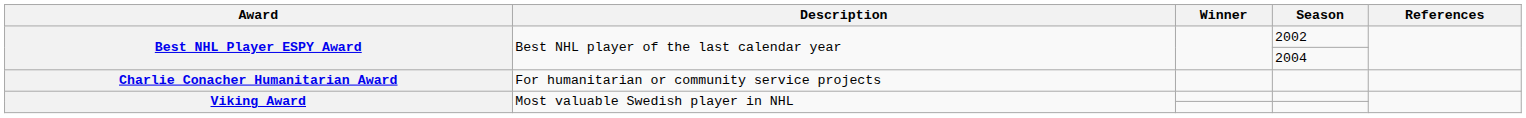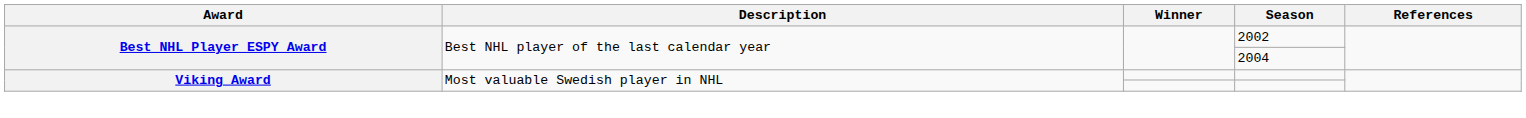 <table class="wikitable sortable" width="75%">
 <tr>
 <th scope="col">Award</th>
 <th scope="col" class="unsortable">Description</th>
 <th scope="col">Winner</th>
 <th scope="col">Season</th>
 <th scope="col" class="unsortable">References</th>
 </tr>
 <tr>
 <th scope="row" rowspan="2"><a href='#'>Best NHL Player ESPY Award</a></th>
 <td rowspan="2">Best NHL player of the last calendar year</td>
 <td rowspan="2"></td>
 <td>2002</td>
 <td rowspan="2"></td>
 </tr>
 <tr>
 <td>2004</td>
 </tr>
 <tr>
-<th scope="row"><a href='#'>Charlie Conacher Humanitarian Award</a></th>
-<td>For humanitarian or community service projects</td>
-<td></td>
-<td></td>
-<td></td>
-</tr>
-<tr>
 <th scope="row" rowspan="2"><a href='#'>Viking Award</a></th>
 <td rowspan="2">Most valuable Swedish player in NHL</td>
 <td></td>
 <td></td>
 <td rowspan="2"></td>
 </tr>
 <tr>
 <td></td>
 <td></td>
 </tr>
 </table>
